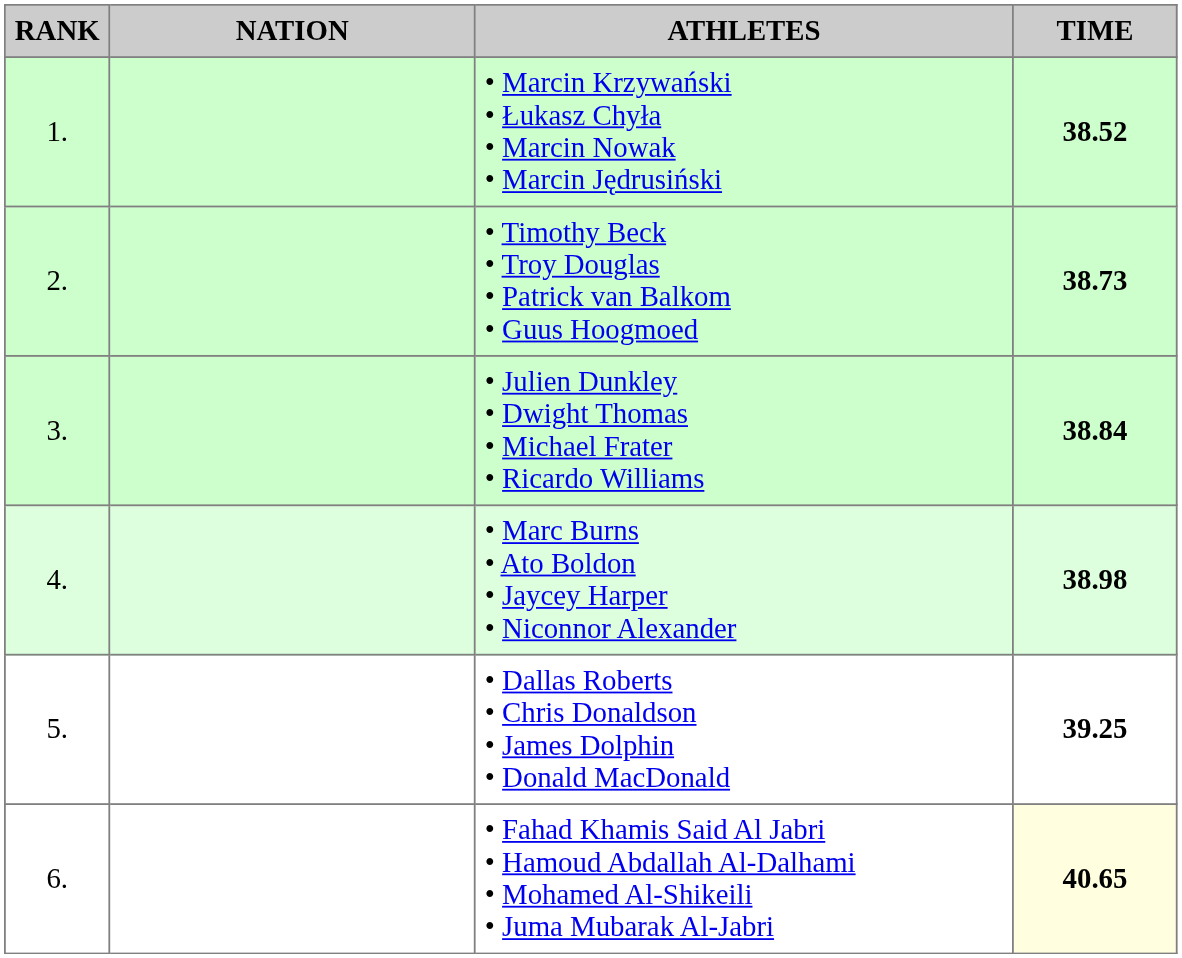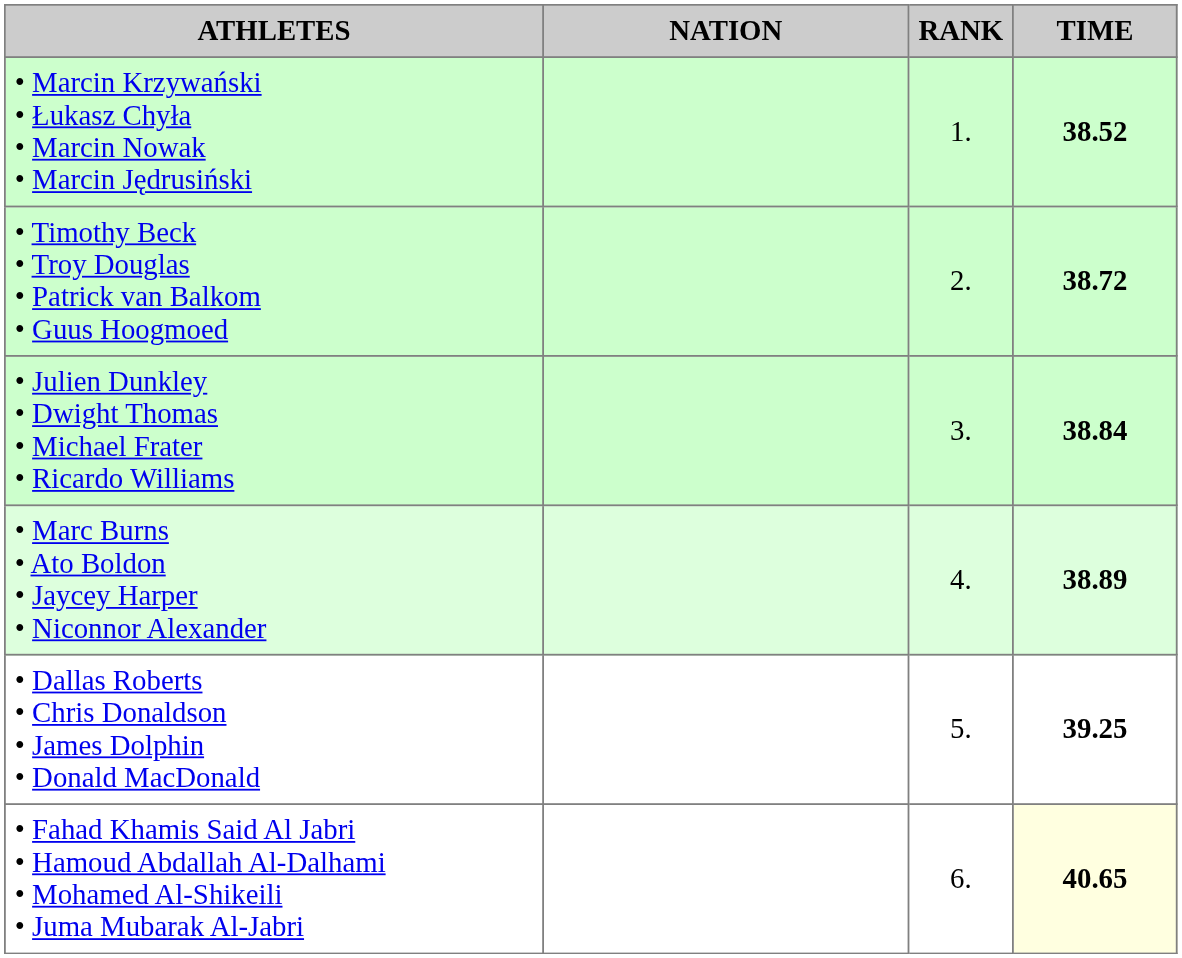 <table border="1" cellspacing="2" cellpadding="5" style="border-collapse: collapse;">
 <tr bgcolor="cccccc">
+<th style="width: 18em">ATHLETES</th>
+<th style="width: 12em">NATION</th>
 <th>RANK</th>
-<th style="width: 12em">NATION</th>
-<th style="width: 18em">ATHLETES</th>
 <th style="width: 5em">TIME</th>
 </tr>
 <tr style="background:#ccffcc;">
+<td>• <a href='#'>Marcin Krzywański</a><br>• <a href='#'>Łukasz Chyła</a><br>• <a href='#'>Marcin Nowak</a><br>• <a href='#'>Marcin Jędrusiński</a></td>
+<td align="center"></td>
 <td align="center">1.</td>
-<td align="center"></td>
-<td>• <a href='#'>Marcin Krzywański</a><br>• <a href='#'>Łukasz Chyła</a><br>• <a href='#'>Marcin Nowak</a><br>• <a href='#'>Marcin Jędrusiński</a></td>
 <td align="center"><strong>38.52</strong></td>
 </tr>
 <tr style="background:#ccffcc;">
+<td>• <a href='#'>Timothy Beck</a><br>• <a href='#'>Troy Douglas</a><br>• <a href='#'>Patrick van Balkom</a><br>• <a href='#'>Guus Hoogmoed</a></td>
+<td align="center"></td>
 <td align="center">2.</td>
-<td align="center"></td>
-<td>• <a href='#'>Timothy Beck</a><br>• <a href='#'>Troy Douglas</a><br>• <a href='#'>Patrick van Balkom</a><br>• <a href='#'>Guus Hoogmoed</a></td>
-<td align="center"><strong>38.73</strong></td>
+<td align="center"><strong>38.72</strong></td>
 </tr>
 <tr style="background:#ccffcc;">
+<td>• <a href='#'>Julien Dunkley</a><br>• <a href='#'>Dwight Thomas</a><br>• <a href='#'>Michael Frater</a><br>• <a href='#'>Ricardo Williams</a></td>
+<td align="center"></td>
 <td align="center">3.</td>
-<td align="center"></td>
-<td>• <a href='#'>Julien Dunkley</a><br>• <a href='#'>Dwight Thomas</a><br>• <a href='#'>Michael Frater</a><br>• <a href='#'>Ricardo Williams</a></td>
 <td align="center"><strong>38.84</strong></td>
 </tr>
 <tr style="background:#ddffdd;">
+<td>• <a href='#'>Marc Burns</a><br>• <a href='#'>Ato Boldon</a><br>• <a href='#'>Jaycey Harper</a><br>• <a href='#'>Niconnor Alexander</a></td>
+<td align="center"></td>
 <td align="center">4.</td>
-<td align="center"></td>
-<td>• <a href='#'>Marc Burns</a><br>• <a href='#'>Ato Boldon</a><br>• <a href='#'>Jaycey Harper</a><br>• <a href='#'>Niconnor Alexander</a></td>
-<td align="center"><strong>38.98</strong></td>
+<td align="center"><strong>38.89</strong></td>
 </tr>
 <tr>
+<td>• <a href='#'>Dallas Roberts</a><br>• <a href='#'>Chris Donaldson</a><br>• <a href='#'>James Dolphin</a><br>• <a href='#'>Donald MacDonald</a></td>
+<td align="center"></td>
 <td align="center">5.</td>
-<td align="center"></td>
-<td>• <a href='#'>Dallas Roberts</a><br>• <a href='#'>Chris Donaldson</a><br>• <a href='#'>James Dolphin</a><br>• <a href='#'>Donald MacDonald</a></td>
 <td align="center"><strong>39.25</strong></td>
 </tr>
 <tr>
+<td>• <a href='#'>Fahad Khamis Said Al Jabri</a><br>• <a href='#'>Hamoud Abdallah Al-Dalhami</a><br>• <a href='#'>Mohamed Al-Shikeili</a><br>• <a href='#'>Juma Mubarak Al-Jabri</a></td>
+<td align="center"></td>
 <td align="center">6.</td>
-<td align="center"></td>
-<td>• <a href='#'>Fahad Khamis Said Al Jabri</a><br>• <a href='#'>Hamoud Abdallah Al-Dalhami</a><br>• <a href='#'>Mohamed Al-Shikeili</a><br>• <a href='#'>Juma Mubarak Al-Jabri</a></td>
 <td align="center" style="background: lightyellow;"><strong>40.65</strong></td>
 </tr>
 </table>
